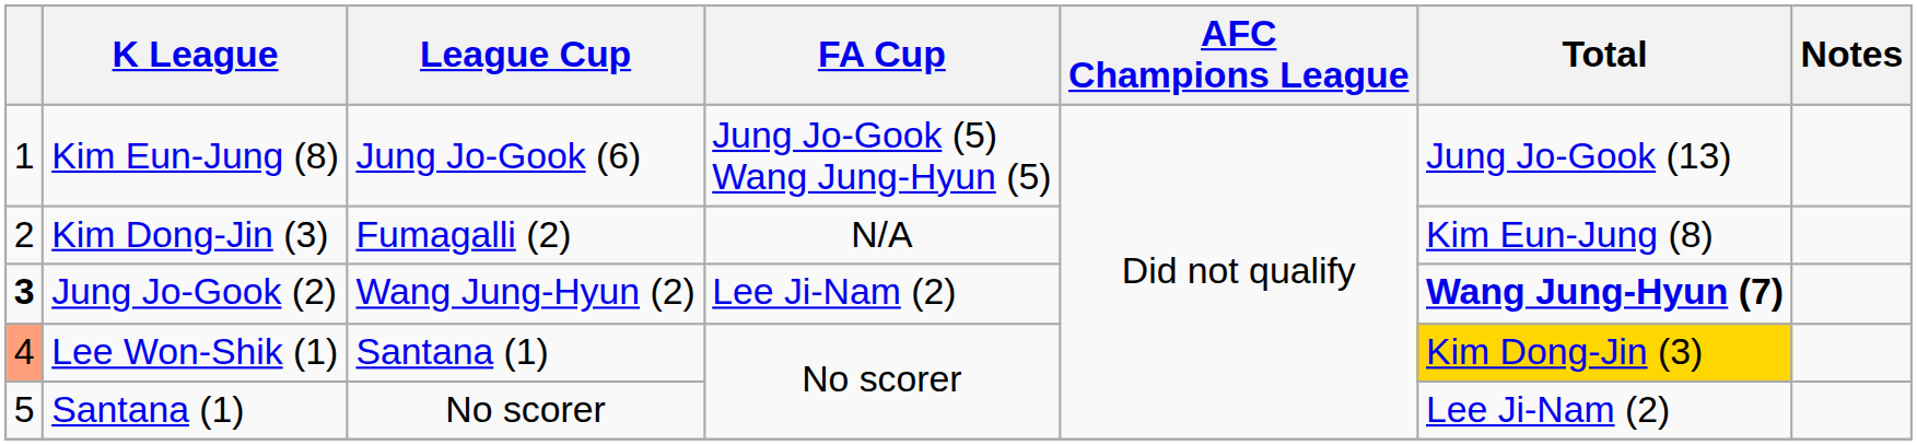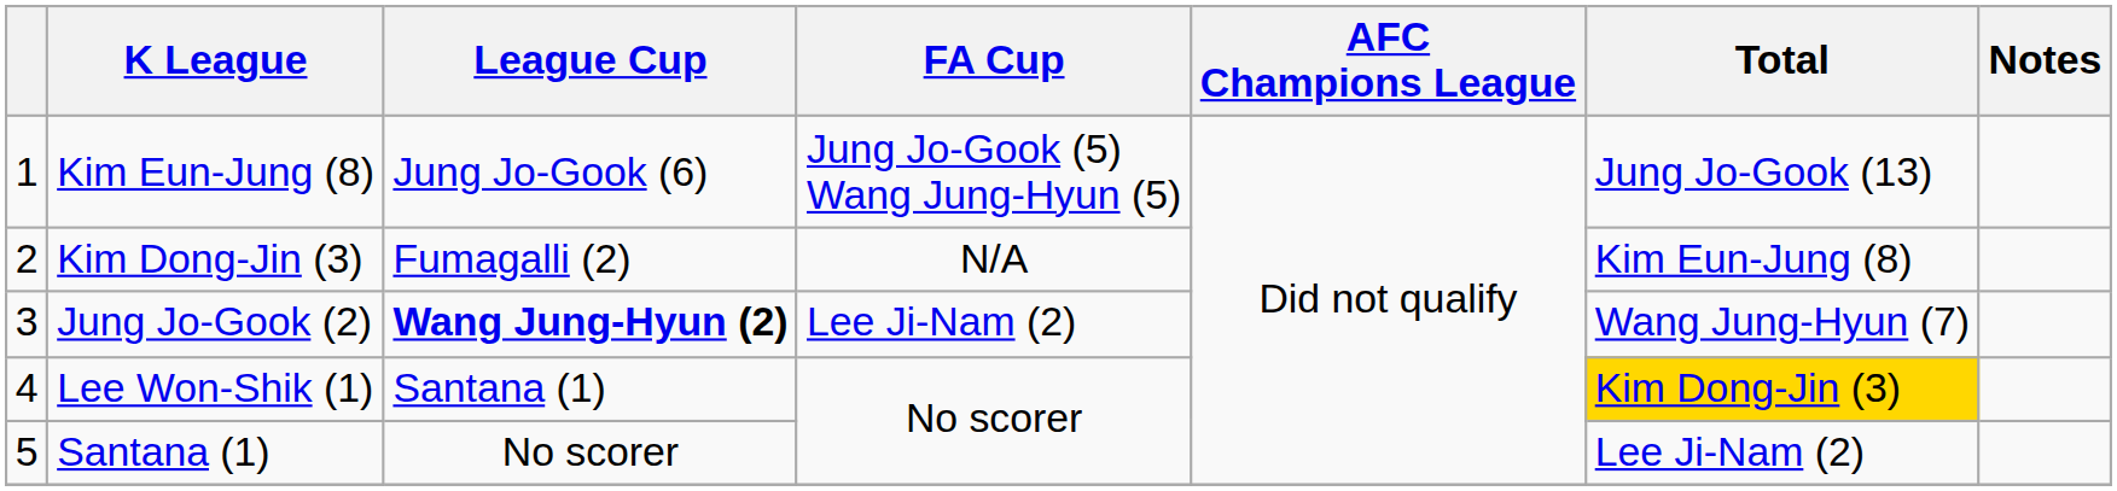 <table class="wikitable" style="text-align:center">
 <tr>
 <th></th>
 <th><a href='#'>K League</a></th>
 <th><a href='#'>League Cup</a></th>
 <th><a href='#'>FA Cup</a></th>
 <th><a href='#'>AFC<br>Champions League</a></th>
 <th>Total</th>
 <th>Notes</th>
 </tr>
 <tr>
 <td>1</td>
 <td align=left> <a href='#'>Kim Eun-Jung</a> (8)</td>
 <td align=left> <a href='#'>Jung Jo-Gook</a> (6)</td>
 <td align=left> <a href='#'>Jung Jo-Gook</a> (5)<br>  <a href='#'>Wang Jung-Hyun</a> (5)</td>
 <td rowspan="5">Did not qualify</td>
 <td align=left> <a href='#'>Jung Jo-Gook</a> (13)</td>
 <td></td>
 </tr>
 <tr>
 <td>2</td>
 <td align=left> <a href='#'>Kim Dong-Jin</a> (3)</td>
 <td align=left> <a href='#'>Fumagalli</a> (2)</td>
 <td>N/A</td>
 <td align=left> <a href='#'>Kim Eun-Jung</a> (8)</td>
 <td></td>
 </tr>
 <tr>
-<td><strong>3</strong></td>
+<td>3</td>
 <td align=left> <a href='#'>Jung Jo-Gook</a> (2)</td>
-<td align=left> <a href='#'>Wang Jung-Hyun</a> (2)</td>
+<td align=left><strong> <a href='#'>Wang Jung-Hyun</a> (2)</strong></td>
 <td align=left> <a href='#'>Lee Ji-Nam</a> (2)</td>
-<td align=left><strong> <a href='#'>Wang Jung-Hyun</a> (7)</strong></td>
+<td align=left> <a href='#'>Wang Jung-Hyun</a> (7)</td>
 <td></td>
 </tr>
 <tr>
-<td style="background: lightsalmon;">4</td>
+<td>4</td>
 <td align=left> <a href='#'>Lee Won-Shik</a> (1)</td>
 <td align=left> <a href='#'>Santana</a> (1)</td>
 <td rowspan="2">No scorer</td>
 <td align=left style="background: gold;"> <a href='#'>Kim Dong-Jin</a> (3)</td>
 <td></td>
 </tr>
 <tr>
 <td>5</td>
 <td align=left> <a href='#'>Santana</a> (1)</td>
 <td>No scorer</td>
 <td align=left> <a href='#'>Lee Ji-Nam</a> (2)</td>
 <td></td>
 </tr>
 <tr>
 </tr>
 </table>
